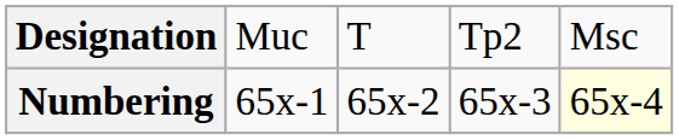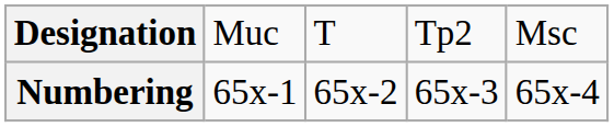 <table class="wikitable">
 <tr>
 <th>Designation</th>
 <td>Muc</td>
 <td>T</td>
 <td>Tp2</td>
 <td>Msc</td>
 </tr>
 <tr>
 <th>Numbering</th>
 <td>65x-1</td>
 <td>65x-2</td>
 <td>65x-3</td>
-<td style="background: lightyellow;">65x-4</td>
+<td>65x-4</td>
 </tr>
 </table>
